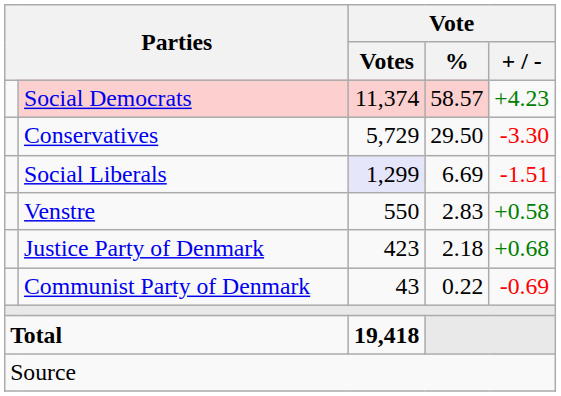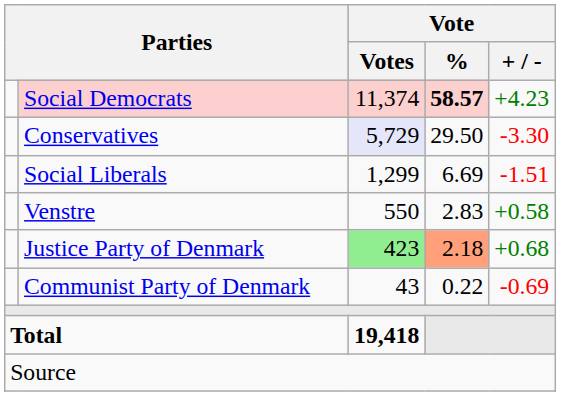 <table class="wikitable" style="text-align:right;">
 <tr>
 <th style="text-align:centre;" rowspan="2" colspan="2" width="225">Parties</th>
 <th colspan="3">Vote</th>
 </tr>
 <tr>
 <th width="15">Votes</th>
 <th width="15">%</th>
 <th width="15">+ / -</th>
 </tr>
 <tr>
 <td width="2" style="color:inherit;background:"></td>
 <td bgcolor=#fbd0ce  align="left"><a href='#'>Social Democrats</a></td>
 <td bgcolor=#fbd0ce>11,374</td>
-<td bgcolor=#fbd0ce>58.57</td>
+<td bgcolor=#fbd0ce><strong>58.57</strong></td>
 <td style=color:green;>+4.23</td>
 </tr>
 <tr>
 <td width="2" style="color:inherit;background:"></td>
 <td align="left"><a href='#'>Conservatives</a></td>
-<td>5,729</td>
+<td style="background: lavender;">5,729</td>
 <td>29.50</td>
 <td style=color:red;>-3.30</td>
 </tr>
 <tr>
 <td width="2" style="color:inherit;background:"></td>
 <td align="left"><a href='#'>Social Liberals</a></td>
-<td style="background: lavender;">1,299</td>
+<td>1,299</td>
 <td>6.69</td>
 <td style=color:red;>-1.51</td>
 </tr>
 <tr>
 <td width="2" style="color:inherit;background:"></td>
 <td align="left"><a href='#'>Venstre</a></td>
 <td>550</td>
 <td>2.83</td>
 <td style=color:green;>+0.58</td>
 </tr>
 <tr>
 <td width="2" style="color:inherit;background:"></td>
 <td align="left"><a href='#'>Justice Party of Denmark</a></td>
-<td>423</td>
-<td>2.18</td>
+<td style="background: lightgreen;">423</td>
+<td style="background: lightsalmon;">2.18</td>
 <td style=color:green;>+0.68</td>
 </tr>
 <tr>
 <td width="2" style="color:inherit;background:"></td>
 <td align="left"><a href='#'>Communist Party of Denmark</a></td>
 <td>43</td>
 <td>0.22</td>
 <td style=color:red;>-0.69</td>
 </tr>
 <tr>
 <td colspan="7" bgcolor="#E9E9E9"></td>
 </tr>
 <tr>
 <td align="left" colspan="2"><strong>Total</strong></td>
 <td><strong>19,418</strong></td>
 <td bgcolor="#E9E9E9" colspan="2"></td>
 </tr>
 <tr>
 <td align="left" colspan="6">Source</td>
 </tr>
 </table>
